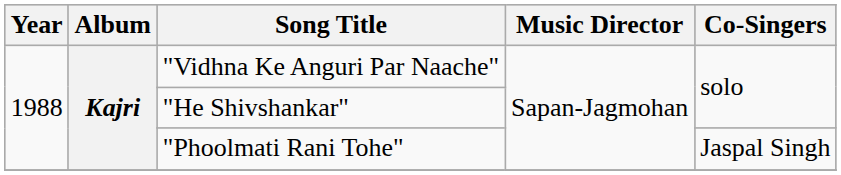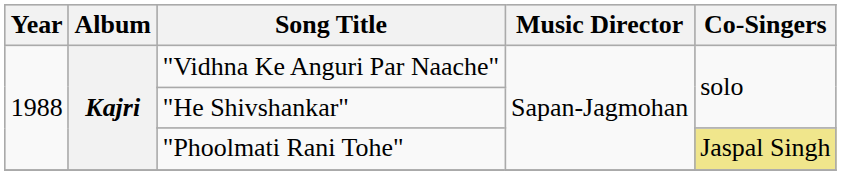 <table class="wikitable sortable">
 <tr>
 <th>Year</th>
 <th>Album</th>
 <th>Song Title</th>
 <th>Music Director</th>
 <th>Co-Singers</th>
 </tr>
 <tr>
 <td rowspan=3>1988</td>
 <th rowspan=3><em>Kajri</em></th>
 <td>"Vidhna Ke Anguri Par Naache"</td>
 <td rowspan=3>Sapan-Jagmohan</td>
 <td rowspan=2>solo</td>
 </tr>
 <tr>
 <td>"He Shivshankar"</td>
 </tr>
 <tr>
 <td>"Phoolmati Rani Tohe"</td>
-<td>Jaspal Singh</td>
+<td style="background: khaki;">Jaspal Singh</td>
 </tr>
 <tr>
 </tr>
 </table>
